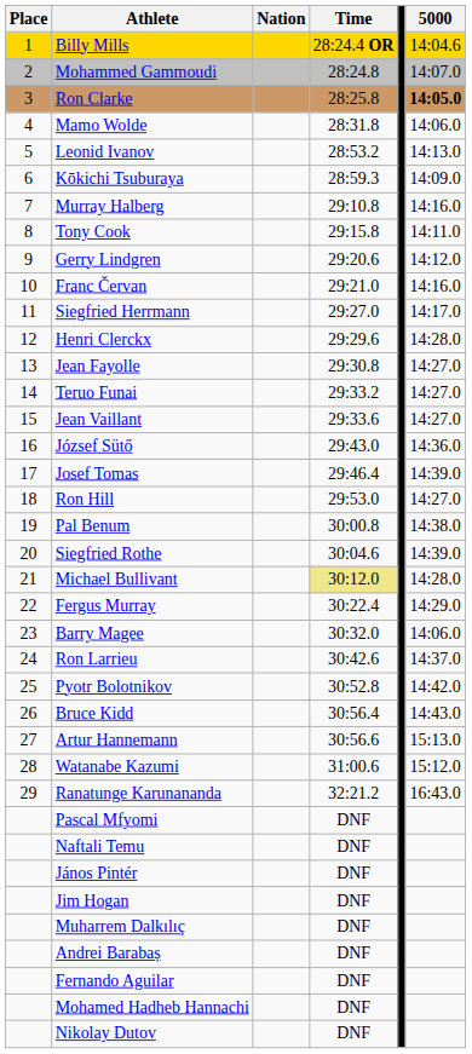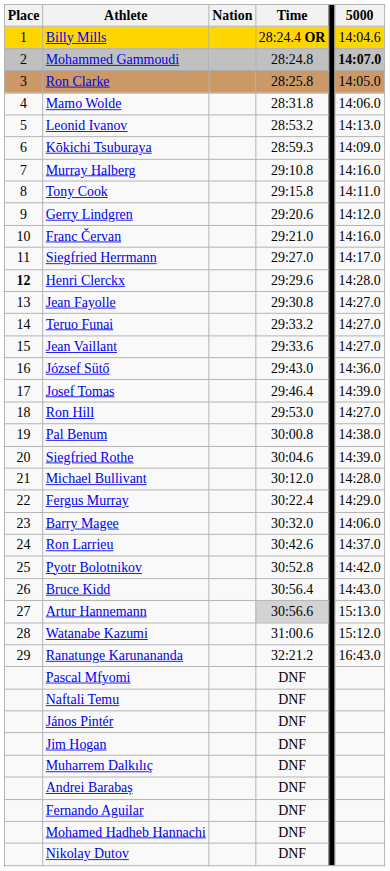 <table class=wikitable>
 <tr>
 <th>Place</th>
 <th>Athlete</th>
 <th>Nation</th>
 <th>Time</th>
 <td rowspan=39 bgcolor=black></td>
 <th>5000</th>
 </tr>
 <tr align=center bgcolor=gold>
 <td>1</td>
 <td align=left><a href='#'>Billy Mills</a></td>
 <td align=left></td>
 <td>28:24.4 <strong>OR</strong></td>
 <td>14:04.6</td>
 </tr>
 <tr align=center bgcolor=silver>
 <td>2</td>
 <td align=left><a href='#'>Mohammed Gammoudi</a></td>
 <td align=left></td>
 <td>28:24.8</td>
-<td>14:07.0</td>
+<td><strong>14:07.0</strong></td>
 </tr>
 <tr align="center" bgcolor="#cc9966">
 <td>3</td>
 <td align=left><a href='#'>Ron Clarke</a></td>
 <td align=left></td>
 <td>28:25.8</td>
-<td><strong>14:05.0</strong></td>
+<td>14:05.0</td>
 </tr>
 <tr align=center>
 <td>4</td>
 <td align=left><a href='#'>Mamo Wolde</a></td>
 <td align=left></td>
 <td>28:31.8</td>
 <td>14:06.0</td>
 </tr>
 <tr align=center>
 <td>5</td>
 <td align=left><a href='#'>Leonid Ivanov</a></td>
 <td align=left></td>
 <td>28:53.2</td>
 <td>14:13.0</td>
 </tr>
 <tr align=center>
 <td>6</td>
 <td align=left><a href='#'>Kōkichi Tsuburaya</a></td>
 <td align=left></td>
 <td>28:59.3</td>
 <td>14:09.0</td>
 </tr>
 <tr align=center>
 <td>7</td>
 <td align=left><a href='#'>Murray Halberg</a></td>
 <td align=left></td>
 <td>29:10.8</td>
 <td>14:16.0</td>
 </tr>
 <tr align=center>
 <td>8</td>
 <td align=left><a href='#'>Tony Cook</a></td>
 <td align=left></td>
 <td>29:15.8</td>
 <td>14:11.0</td>
 </tr>
 <tr align=center>
 <td>9</td>
 <td align=left><a href='#'>Gerry Lindgren</a></td>
 <td align=left></td>
 <td>29:20.6</td>
 <td>14:12.0</td>
 </tr>
 <tr align=center>
 <td>10</td>
 <td align=left><a href='#'>Franc Červan</a></td>
 <td align=left></td>
 <td>29:21.0</td>
 <td>14:16.0</td>
 </tr>
 <tr align=center>
 <td>11</td>
 <td align=left><a href='#'>Siegfried Herrmann</a></td>
 <td align=left></td>
 <td>29:27.0</td>
 <td>14:17.0</td>
 </tr>
 <tr align=center>
-<td>12</td>
+<td><strong>12</strong></td>
 <td align=left><a href='#'>Henri Clerckx</a></td>
 <td align=left></td>
 <td>29:29.6</td>
 <td>14:28.0</td>
 </tr>
 <tr align=center>
 <td>13</td>
 <td align=left><a href='#'>Jean Fayolle</a></td>
 <td align=left></td>
 <td>29:30.8</td>
 <td>14:27.0</td>
 </tr>
 <tr align=center>
 <td>14</td>
 <td align=left><a href='#'>Teruo Funai</a></td>
 <td align=left></td>
 <td>29:33.2</td>
 <td>14:27.0</td>
 </tr>
 <tr align=center>
 <td>15</td>
 <td align=left><a href='#'>Jean Vaillant</a></td>
 <td align=left></td>
 <td>29:33.6</td>
 <td>14:27.0</td>
 </tr>
 <tr align=center>
 <td>16</td>
 <td align=left><a href='#'>József Sütő</a></td>
 <td align=left></td>
 <td>29:43.0</td>
 <td>14:36.0</td>
 </tr>
 <tr align=center>
 <td>17</td>
 <td align=left><a href='#'>Josef Tomas</a></td>
 <td align=left></td>
 <td>29:46.4</td>
 <td>14:39.0</td>
 </tr>
 <tr align=center>
 <td>18</td>
 <td align=left><a href='#'>Ron Hill</a></td>
 <td align=left></td>
 <td>29:53.0</td>
 <td>14:27.0</td>
 </tr>
 <tr align=center>
 <td>19</td>
 <td align=left><a href='#'>Pal Benum</a></td>
 <td align=left></td>
 <td>30:00.8</td>
 <td>14:38.0</td>
 </tr>
 <tr align=center>
 <td>20</td>
 <td align=left><a href='#'>Siegfried Rothe</a></td>
 <td align=left></td>
 <td>30:04.6</td>
 <td>14:39.0</td>
 </tr>
 <tr align=center>
 <td>21</td>
 <td align=left><a href='#'>Michael Bullivant</a></td>
 <td align=left></td>
-<td style="background: khaki;">30:12.0</td>
+<td>30:12.0</td>
 <td>14:28.0</td>
 </tr>
 <tr align=center>
 <td>22</td>
 <td align=left><a href='#'>Fergus Murray</a></td>
 <td align=left></td>
 <td>30:22.4</td>
 <td>14:29.0</td>
 </tr>
 <tr align=center>
 <td>23</td>
 <td align=left><a href='#'>Barry Magee</a></td>
 <td align=left></td>
 <td>30:32.0</td>
 <td>14:06.0</td>
 </tr>
 <tr align=center>
 <td>24</td>
 <td align=left><a href='#'>Ron Larrieu</a></td>
 <td align=left></td>
 <td>30:42.6</td>
 <td>14:37.0</td>
 </tr>
 <tr align=center>
 <td>25</td>
 <td align=left><a href='#'>Pyotr Bolotnikov</a></td>
 <td align=left></td>
 <td>30:52.8</td>
 <td>14:42.0</td>
 </tr>
 <tr align=center>
 <td>26</td>
 <td align=left><a href='#'>Bruce Kidd</a></td>
 <td align=left></td>
 <td>30:56.4</td>
 <td>14:43.0</td>
 </tr>
 <tr align=center>
 <td>27</td>
 <td align=left><a href='#'>Artur Hannemann</a></td>
 <td align=left></td>
-<td>30:56.6</td>
+<td style="background: lightgrey;">30:56.6</td>
 <td>15:13.0</td>
 </tr>
 <tr align=center>
 <td>28</td>
 <td align=left><a href='#'>Watanabe Kazumi</a></td>
 <td align=left></td>
 <td>31:00.6</td>
 <td>15:12.0</td>
 </tr>
 <tr align=center>
 <td>29</td>
 <td align=left><a href='#'>Ranatunge Karunananda</a></td>
 <td align=left></td>
 <td>32:21.2</td>
 <td>16:43.0</td>
 </tr>
 <tr align=center>
 <td></td>
 <td align=left><a href='#'>Pascal Mfyomi</a></td>
 <td align=left></td>
 <td>DNF</td>
 <td></td>
 </tr>
 <tr align=center>
 <td></td>
 <td align=left><a href='#'>Naftali Temu</a></td>
 <td align=left></td>
 <td>DNF</td>
 <td></td>
 </tr>
 <tr align=center>
 <td></td>
 <td align=left><a href='#'>János Pintér</a></td>
 <td align=left></td>
 <td>DNF</td>
 <td></td>
 </tr>
 <tr align=center>
 <td></td>
 <td align=left><a href='#'>Jim Hogan</a></td>
 <td align=left></td>
 <td>DNF</td>
 <td></td>
 </tr>
 <tr align=center>
 <td></td>
 <td align=left><a href='#'>Muharrem Dalkılıç</a></td>
 <td align=left></td>
 <td>DNF</td>
 <td></td>
 </tr>
 <tr align=center>
 <td></td>
 <td align=left><a href='#'>Andrei Barabaș</a></td>
 <td align=left></td>
 <td>DNF</td>
 <td></td>
 </tr>
 <tr align=center>
 <td></td>
 <td align=left><a href='#'>Fernando Aguilar</a></td>
 <td align=left></td>
 <td>DNF</td>
 <td></td>
 </tr>
 <tr align=center>
 <td></td>
 <td align=left><a href='#'>Mohamed Hadheb Hannachi</a></td>
 <td align=left></td>
 <td>DNF</td>
 <td></td>
 </tr>
 <tr align=center>
 <td></td>
 <td align=left><a href='#'>Nikolay Dutov</a></td>
 <td align=left></td>
 <td>DNF</td>
 <td></td>
 </tr>
 </table>
